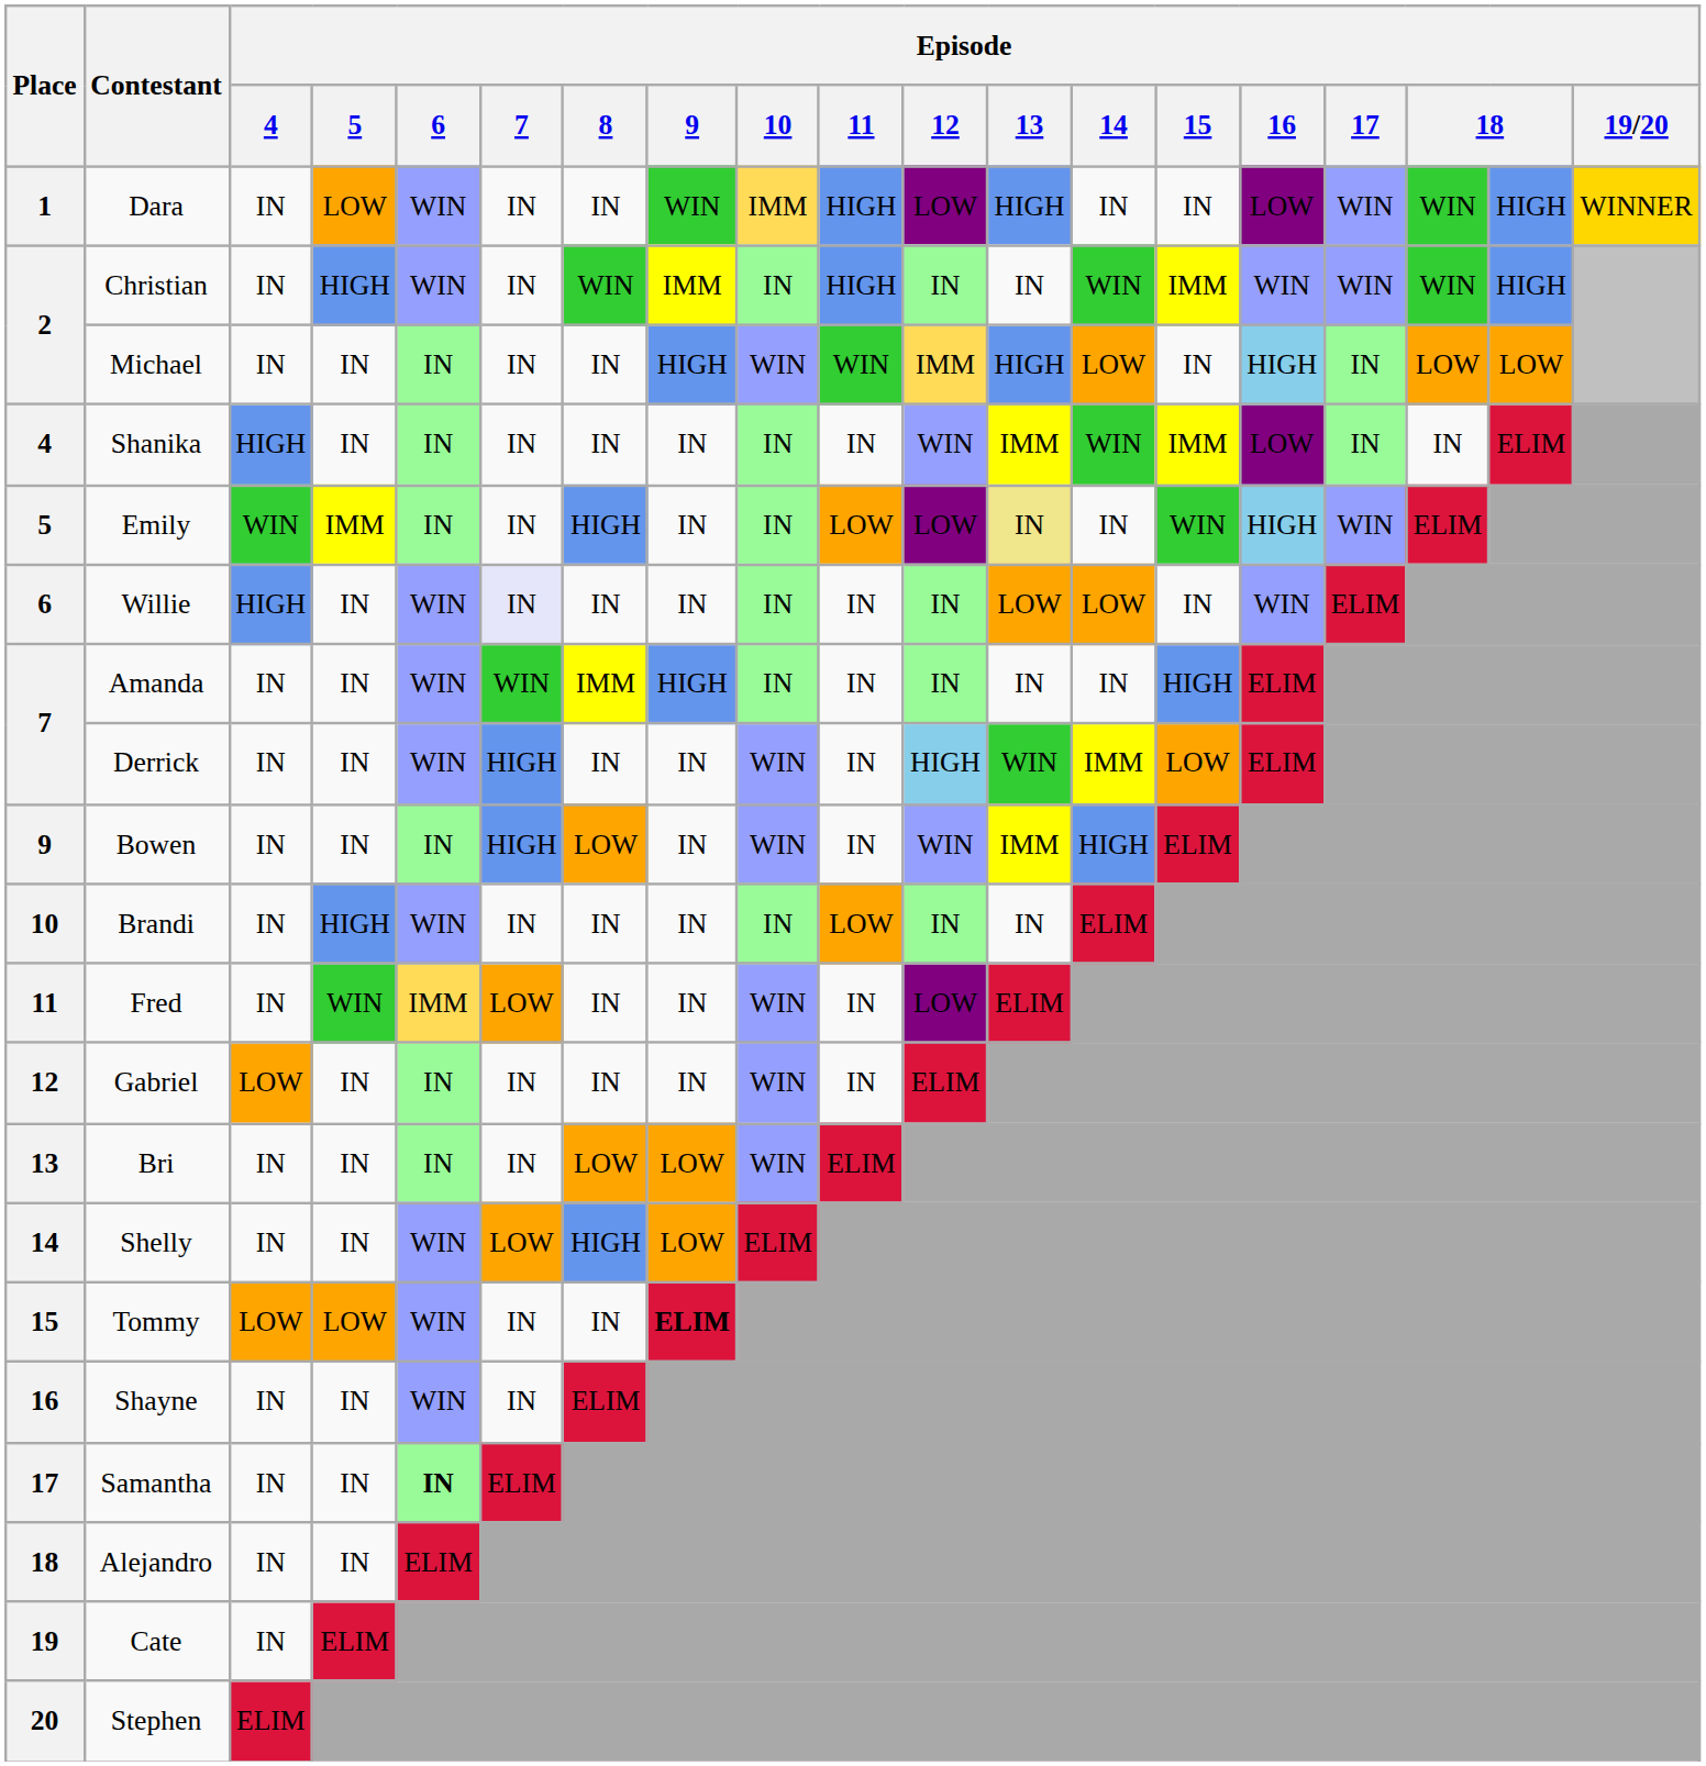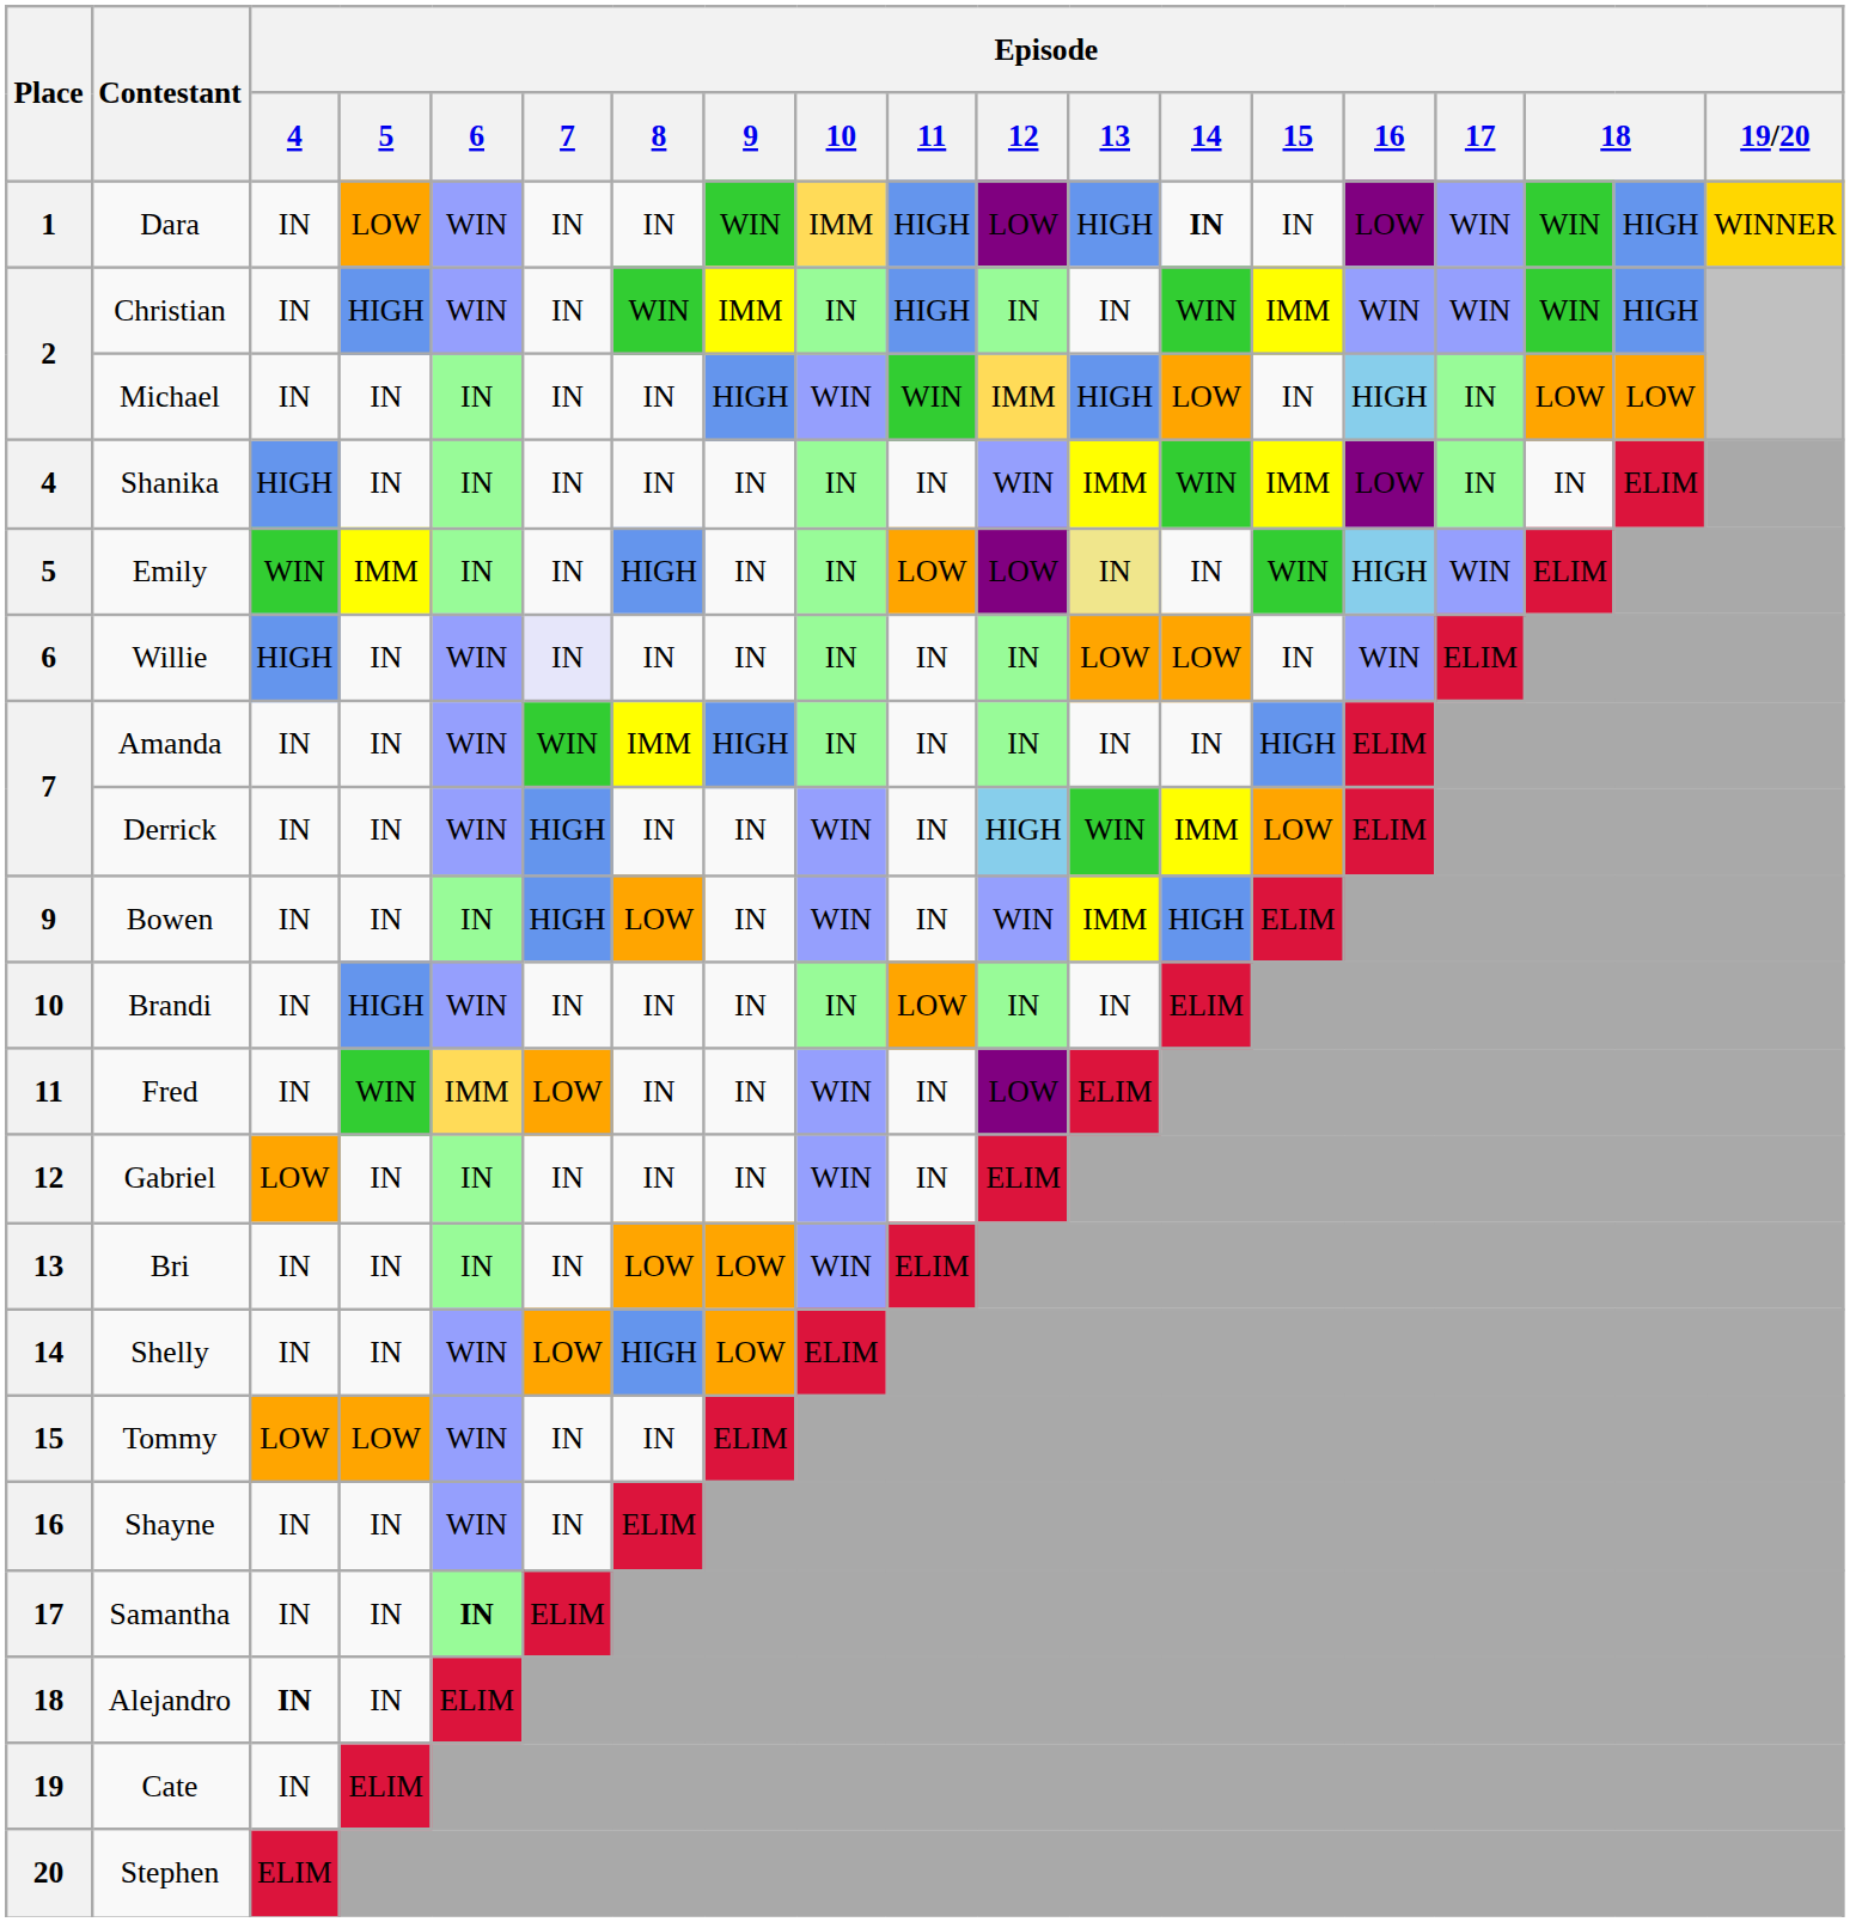 <table class="wikitable" style="text-align: center; font-size: 8pt; line-height:25px;">
 <tr>
 <th rowspan="2">Place</th>
 <th rowspan="2">Contestant</th>
 <th colspan="17">Episode</th>
 </tr>
 <tr>
 <th><a href='#'>4</a></th>
 <th><a href='#'>5</a></th>
 <th><a href='#'>6</a></th>
 <th><a href='#'>7</a></th>
 <th><a href='#'>8</a></th>
 <th><a href='#'>9</a></th>
 <th><a href='#'>10</a></th>
 <th><a href='#'>11</a></th>
 <th><a href='#'>12</a></th>
 <th><a href='#'>13</a></th>
 <th><a href='#'>14</a></th>
 <th><a href='#'>15</a></th>
 <th><a href='#'>16</a></th>
 <th><a href='#'>17</a></th>
 <th colspan="2"><a href='#'>18</a></th>
 <th><a href='#'>19</a>/<a href='#'>20</a></th>
 </tr>
 <tr>
 <th>1</th>
 <td>Dara</td>
 <td>IN</td>
 <td style="background:orange;">LOW</td>
 <td style="background:#959FFD;">WIN</td>
 <td>IN</td>
 <td>IN</td>
 <td style="background:limegreen;">WIN</td>
 <td style="background:#FFDB58;">IMM</td>
 <td style="background:cornflowerblue;">HIGH</td>
 <td style="background:purple;">LOW</td>
 <td style="background:cornflowerblue;">HIGH</td>
-<td>IN</td>
+<td><strong>IN</strong></td>
 <td>IN</td>
 <td style="background:purple;">LOW</td>
 <td style="background:#959FFD;">WIN</td>
 <td style="background:limegreen;">WIN</td>
 <td style="background:cornflowerblue;">HIGH</td>
 <td style="background:gold;">WINNER</td>
 </tr>
 <tr>
 <th rowspan="2">2</th>
 <td>Christian</td>
 <td>IN</td>
 <td style="background:cornflowerblue;">HIGH</td>
 <td style="background:#959FFD;">WIN</td>
 <td>IN</td>
 <td style="background:limegreen;">WIN</td>
 <td style="background:yellow;">IMM</td>
 <td style="background:palegreen;">IN</td>
 <td style="background:cornflowerblue;">HIGH</td>
 <td style="background:palegreen;">IN</td>
 <td>IN</td>
 <td style="background:limegreen;">WIN</td>
 <td style="background:yellow;">IMM</td>
 <td style="background:#959FFD;">WIN</td>
 <td style="background:#959FFD;">WIN</td>
 <td style="background:limegreen;">WIN</td>
 <td style="background:cornflowerblue;">HIGH</td>
 <td style="background:silver;" rowspan="2"></td>
 </tr>
 <tr>
 <td>Michael</td>
 <td>IN</td>
 <td>IN</td>
 <td style="background:palegreen;">IN</td>
 <td>IN</td>
 <td>IN</td>
 <td style="background:cornflowerblue;">HIGH</td>
 <td style="background:#959FFD;">WIN</td>
 <td style="background:limegreen;">WIN</td>
 <td style="background:#FFDB58;">IMM</td>
 <td style="background:cornflowerblue;">HIGH</td>
 <td style="background:orange;">LOW</td>
 <td>IN</td>
 <td style="background:skyblue;">HIGH</td>
 <td style="background:palegreen;">IN</td>
 <td style="background:orange;">LOW</td>
 <td style="background:orange;">LOW</td>
 </tr>
 <tr>
 <th>4</th>
 <td>Shanika</td>
 <td style="background:cornflowerblue;">HIGH</td>
 <td>IN</td>
 <td style="background:palegreen;">IN</td>
 <td>IN</td>
 <td>IN</td>
 <td>IN</td>
 <td style="background:palegreen;">IN</td>
 <td>IN</td>
 <td style="background:#959FFD;">WIN</td>
 <td style="background:yellow;">IMM</td>
 <td style="background:limegreen;">WIN</td>
 <td style="background:yellow;">IMM</td>
 <td style="background:purple;">LOW</td>
 <td style="background:palegreen;">IN</td>
 <td>IN</td>
 <td style="background:crimson;">ELIM</td>
 <td style="background:darkgrey;" colspan="1"></td>
 </tr>
 <tr>
 <th>5</th>
 <td>Emily</td>
 <td style="background:limegreen;">WIN</td>
 <td style="background:yellow;">IMM</td>
 <td style="background:palegreen;">IN</td>
 <td>IN</td>
 <td style="background:cornflowerblue;">HIGH</td>
 <td>IN</td>
 <td style="background:palegreen;">IN</td>
 <td style="background:orange;">LOW</td>
 <td style="background:purple;">LOW</td>
 <td style="background: khaki;">IN</td>
 <td>IN</td>
 <td style="background:limegreen;">WIN</td>
 <td style="background:skyblue;">HIGH</td>
 <td style="background:#959FFD;">WIN</td>
 <td style="background:crimson;">ELIM</td>
 <td style="background:darkgrey;" colspan="2"></td>
 </tr>
 <tr>
 <th>6</th>
 <td>Willie</td>
 <td style="background:cornflowerblue;">HIGH</td>
 <td>IN</td>
 <td style="background:#959FFD;">WIN</td>
 <td style="background: lavender;">IN</td>
 <td>IN</td>
 <td>IN</td>
 <td style="background:palegreen;">IN</td>
 <td>IN</td>
 <td style="background:palegreen;">IN</td>
 <td style="background:orange;">LOW</td>
 <td style="background:orange;">LOW</td>
 <td>IN</td>
 <td style="background:#959FFD;">WIN</td>
 <td style="background:crimson;">ELIM</td>
 <td style="background:darkgrey;" colspan="3"></td>
 </tr>
 <tr>
 <th rowspan="2">7</th>
 <td>Amanda</td>
 <td>IN</td>
 <td>IN</td>
 <td style="background:#959FFD;">WIN</td>
 <td style="background:limegreen;">WIN</td>
 <td style="background:yellow;">IMM</td>
 <td style="background:cornflowerblue;">HIGH</td>
 <td style="background:palegreen;">IN</td>
 <td>IN</td>
 <td style="background:palegreen;">IN</td>
 <td>IN</td>
 <td>IN</td>
 <td style="background:cornflowerblue;">HIGH</td>
 <td style="background:crimson;">ELIM</td>
 <td style="background:darkgrey;" colspan="4"></td>
 </tr>
 <tr>
 <td>Derrick</td>
 <td>IN</td>
 <td>IN</td>
 <td style="background:#959FFD;">WIN</td>
 <td style="background:cornflowerblue;">HIGH</td>
 <td>IN</td>
 <td>IN</td>
 <td style="background:#959FFD;">WIN</td>
 <td>IN</td>
 <td style="background:skyblue;">HIGH</td>
 <td style="background:limegreen;">WIN</td>
 <td style="background:yellow;">IMM</td>
 <td style="background:orange;">LOW</td>
 <td style="background:crimson;">ELIM</td>
 <td style="background:darkgrey;" colspan="4"></td>
 </tr>
 <tr>
 <th>9</th>
 <td>Bowen</td>
 <td>IN</td>
 <td>IN</td>
 <td style="background:palegreen;">IN</td>
 <td style="background:cornflowerblue;">HIGH</td>
 <td style="background:orange;">LOW</td>
 <td>IN</td>
 <td style="background:#959FFD;">WIN</td>
 <td>IN</td>
 <td style="background:#959FFD;">WIN</td>
 <td style="background:yellow;">IMM</td>
 <td style="background:cornflowerblue;">HIGH</td>
 <td style="background:crimson;">ELIM</td>
 <td style="background:darkgrey;" colspan="5"></td>
 </tr>
 <tr>
 <th>10</th>
 <td>Brandi</td>
 <td>IN</td>
 <td style="background:cornflowerblue;">HIGH</td>
 <td style="background:#959FFD;">WIN</td>
 <td>IN</td>
 <td>IN</td>
 <td>IN</td>
 <td style="background:palegreen;">IN</td>
 <td style="background:orange;">LOW</td>
 <td style="background:palegreen;">IN</td>
 <td>IN</td>
 <td style="background:crimson;">ELIM</td>
 <td style="background:darkgrey;" colspan="6"></td>
 </tr>
 <tr>
 <th>11</th>
 <td>Fred</td>
 <td>IN</td>
 <td style="background:limegreen;">WIN</td>
 <td style="background:#FFDB58;">IMM</td>
 <td style="background:orange;">LOW</td>
 <td>IN</td>
 <td>IN</td>
 <td style="background:#959FFD;">WIN</td>
 <td>IN</td>
 <td style="background:purple;">LOW</td>
 <td style="background:crimson;">ELIM</td>
 <td style="background:darkgrey;" colspan="7"></td>
 </tr>
 <tr>
 <th>12</th>
 <td>Gabriel</td>
 <td style="background:orange;">LOW</td>
 <td>IN</td>
 <td style="background:palegreen;">IN</td>
 <td>IN</td>
 <td>IN</td>
 <td>IN</td>
 <td style="background:#959FFD;">WIN</td>
 <td>IN</td>
 <td style="background:crimson;">ELIM</td>
 <td style="background:darkgrey;" colspan="8"></td>
 </tr>
 <tr>
 <th>13</th>
 <td>Bri</td>
 <td>IN</td>
 <td>IN</td>
 <td style="background:palegreen;">IN</td>
 <td>IN</td>
 <td style="background:orange;">LOW</td>
 <td style="background:orange;">LOW</td>
 <td style="background:#959FFD;">WIN</td>
 <td style="background:crimson;">ELIM</td>
 <td style="background:darkgrey;" colspan="9"></td>
 </tr>
 <tr>
 <th>14</th>
 <td>Shelly</td>
 <td>IN</td>
 <td>IN</td>
 <td style="background:#959FFD;">WIN</td>
 <td style="background:orange;">LOW</td>
 <td style="background:cornflowerblue;">HIGH</td>
 <td style="background:orange;">LOW</td>
 <td style="background:crimson;">ELIM</td>
 <td style="background:darkgrey;" colspan="10"></td>
 </tr>
 <tr>
 <th>15</th>
 <td>Tommy</td>
 <td style="background:orange;">LOW</td>
 <td style="background:orange;">LOW</td>
 <td style="background:#959FFD;">WIN</td>
 <td>IN</td>
 <td>IN</td>
-<td style="background:crimson;"><strong>ELIM</strong></td>
+<td style="background:crimson;">ELIM</td>
 <td style="background:darkgrey;" colspan="11"></td>
 </tr>
 <tr>
 <th>16</th>
 <td>Shayne</td>
 <td>IN</td>
 <td>IN</td>
 <td style="background:#959FFD;">WIN</td>
 <td>IN</td>
 <td style="background:crimson;">ELIM</td>
 <td style="background:darkgrey;" colspan="12"></td>
 </tr>
 <tr>
 <th>17</th>
 <td>Samantha</td>
 <td>IN</td>
 <td>IN</td>
 <td style="background:palegreen;"><strong>IN</strong></td>
 <td style="background:crimson;">ELIM</td>
 <td style="background:darkgrey;" colspan="13"></td>
 </tr>
 <tr>
 <th>18</th>
 <td>Alejandro</td>
-<td>IN</td>
+<td><strong>IN</strong></td>
 <td>IN</td>
 <td style="background:crimson;">ELIM</td>
 <td style="background:darkgrey;" colspan="14"></td>
 </tr>
 <tr>
 <th>19</th>
 <td>Cate</td>
 <td>IN</td>
 <td style="background:crimson;">ELIM</td>
 <td style="background:darkgrey;" colspan="15"></td>
 </tr>
 <tr>
 <th>20</th>
 <td>Stephen</td>
 <td style="background:crimson;">ELIM</td>
 <td style="background:darkgrey;" colspan="16"></td>
 </tr>
 </table>
